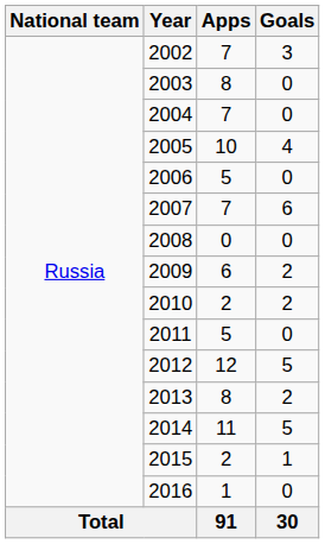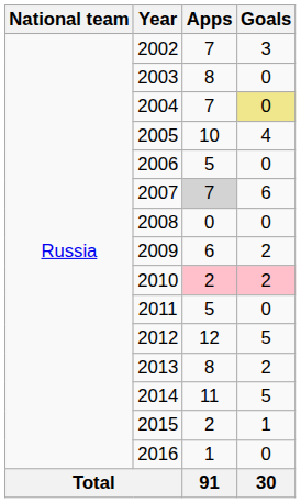 <table class="wikitable" style="text-align:center">
 <tr>
 <th>National team</th>
 <th>Year</th>
 <th>Apps</th>
 <th>Goals</th>
 </tr>
 <tr>
 <td rowspan="15"><a href='#'>Russia</a></td>
 <td>2002</td>
 <td>7</td>
 <td>3</td>
 </tr>
 <tr>
 <td>2003</td>
 <td>8</td>
 <td>0</td>
 </tr>
 <tr>
 <td>2004</td>
 <td>7</td>
-<td>0</td>
+<td style="background: khaki;">0</td>
 </tr>
 <tr>
 <td>2005</td>
 <td>10</td>
 <td>4</td>
 </tr>
 <tr>
 <td>2006</td>
 <td>5</td>
 <td>0</td>
 </tr>
 <tr>
 <td>2007</td>
-<td>7</td>
+<td style="background: lightgrey;">7</td>
 <td>6</td>
 </tr>
 <tr>
 <td>2008</td>
 <td>0</td>
 <td>0</td>
 </tr>
 <tr>
 <td>2009</td>
 <td>6</td>
 <td>2</td>
 </tr>
 <tr>
 <td>2010</td>
-<td>2</td>
-<td>2</td>
+<td style="background: pink;">2</td>
+<td style="background: pink;">2</td>
 </tr>
 <tr>
 <td>2011</td>
 <td>5</td>
 <td>0</td>
 </tr>
 <tr>
 <td>2012</td>
 <td>12</td>
 <td>5</td>
 </tr>
 <tr>
 <td>2013</td>
 <td>8</td>
 <td>2</td>
 </tr>
 <tr>
 <td>2014</td>
 <td>11</td>
 <td>5</td>
 </tr>
 <tr>
 <td>2015</td>
 <td>2</td>
 <td>1</td>
 </tr>
 <tr>
 <td>2016</td>
 <td>1</td>
 <td>0</td>
 </tr>
 <tr>
 <th colspan="2">Total</th>
 <th>91</th>
 <th>30</th>
 </tr>
 </table>
